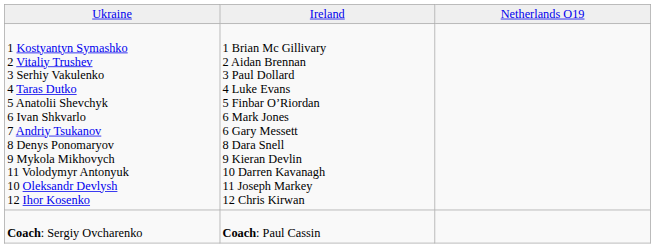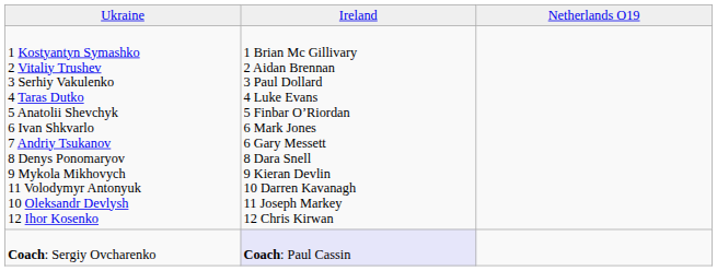 <table class="wikitable mw-collapsible mw-collapsed" cellpadding=5 cellspacing=0 style="width:95%">
 <tr align=center>
 <td bgcolor="#efefef" width="200"> <a href='#'>Ukraine</a></td>
 <td bgcolor="#efefef" width="200"> <a href='#'>Ireland</a></td>
 <td bgcolor="#efefef" width="200"> <a href='#'>Netherlands O19</a></td>
 </tr>
 <tr valign=top>
 <td><br>1 <a href='#'>Kostyantyn Symashko</a><br> 2 <a href='#'>Vitaliy Trushev</a><br> 3 Serhiy Vakulenko<br> 4 <a href='#'>Taras Dutko</a><br> 5 Anatolii Shevchyk<br> 6 Ivan Shkvarlo<br> 7 <a href='#'>Andriy Tsukanov</a><br> 8 Denys Ponomaryov<br> 9 Mykola Mikhovych<br> 11 Volodymyr Antonyuk<br> 10 <a href='#'>Oleksandr Devlysh</a><br> 12 <a href='#'>Ihor Kosenko</a></td>
 <td><br>1 Brian Mc Gillivary<br> 2 Aidan Brennan<br> 3 Paul Dollard<br> 4 Luke Evans<br> 5 Finbar O’Riordan<br> 6 Mark Jones<br> 6 Gary Messett<br> 8 Dara Snell<br> 9 Kieran Devlin<br> 10 Darren Kavanagh<br> 11 Joseph Markey<br> 12 Chris Kirwan</td>
 </tr>
 <tr valign=top>
 <td><br><strong>Coach</strong>: Sergiy Ovcharenko</td>
-<td><br><strong>Coach</strong>: Paul Cassin</td>
+<td style="background: lavender;"><br><strong>Coach</strong>: Paul Cassin</td>
 <td></td>
 </tr>
 </table>
